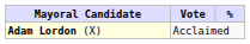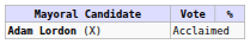 <table class="wikitable">
 <tr>
 <th style="background:#ddf; width:200px;">Mayoral Candidate</th>
 <th style="background:#ddf; width:50px;">Vote</th>
 <th style="background:#ddf; width:30px;">%</th>
 </tr>
 <tr>
-<td style="background: lightyellow;"><strong>Adam Lordon</strong> (X)</td>
+<td><strong>Adam Lordon</strong> (X)</td>
 <td colspan="2">Acclaimed</td>
 </tr>
 </table>
